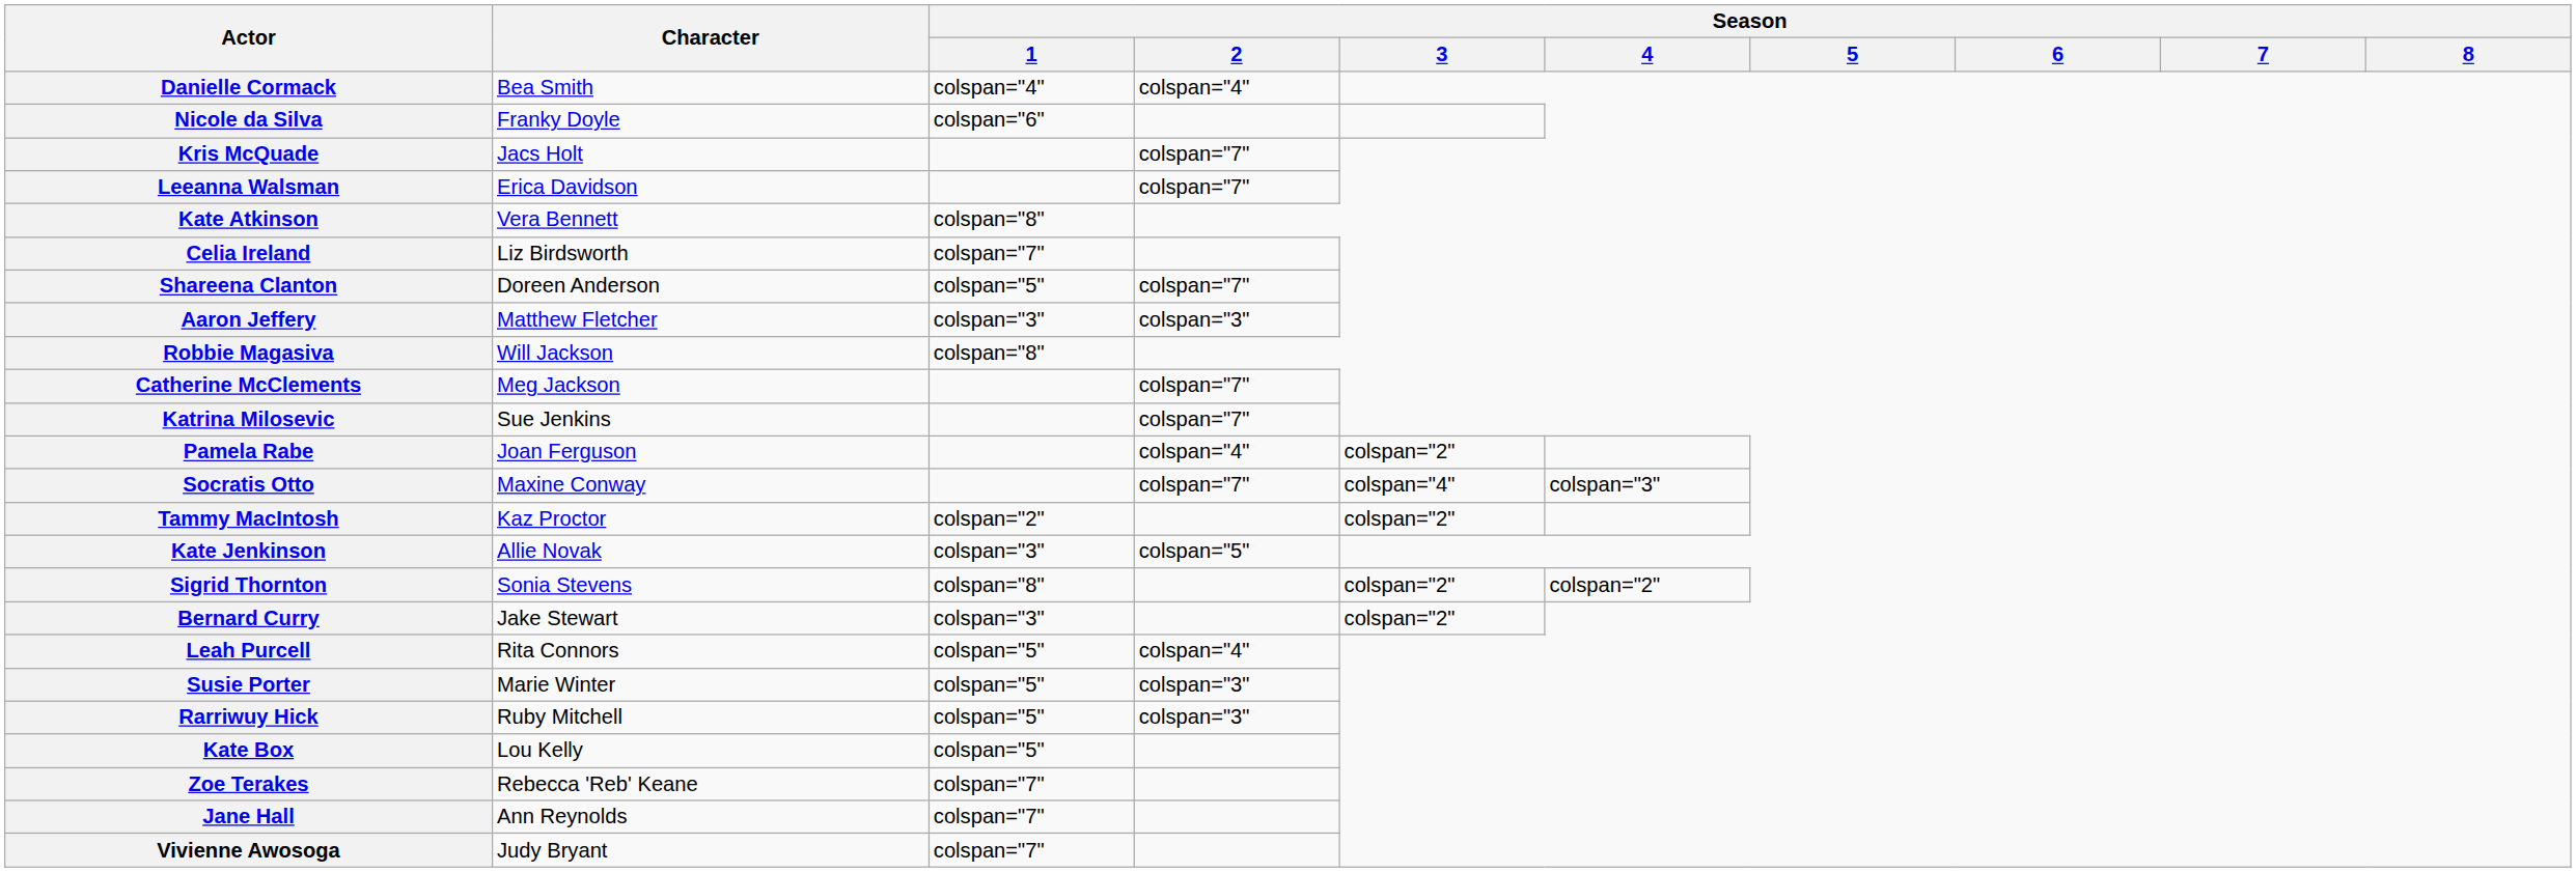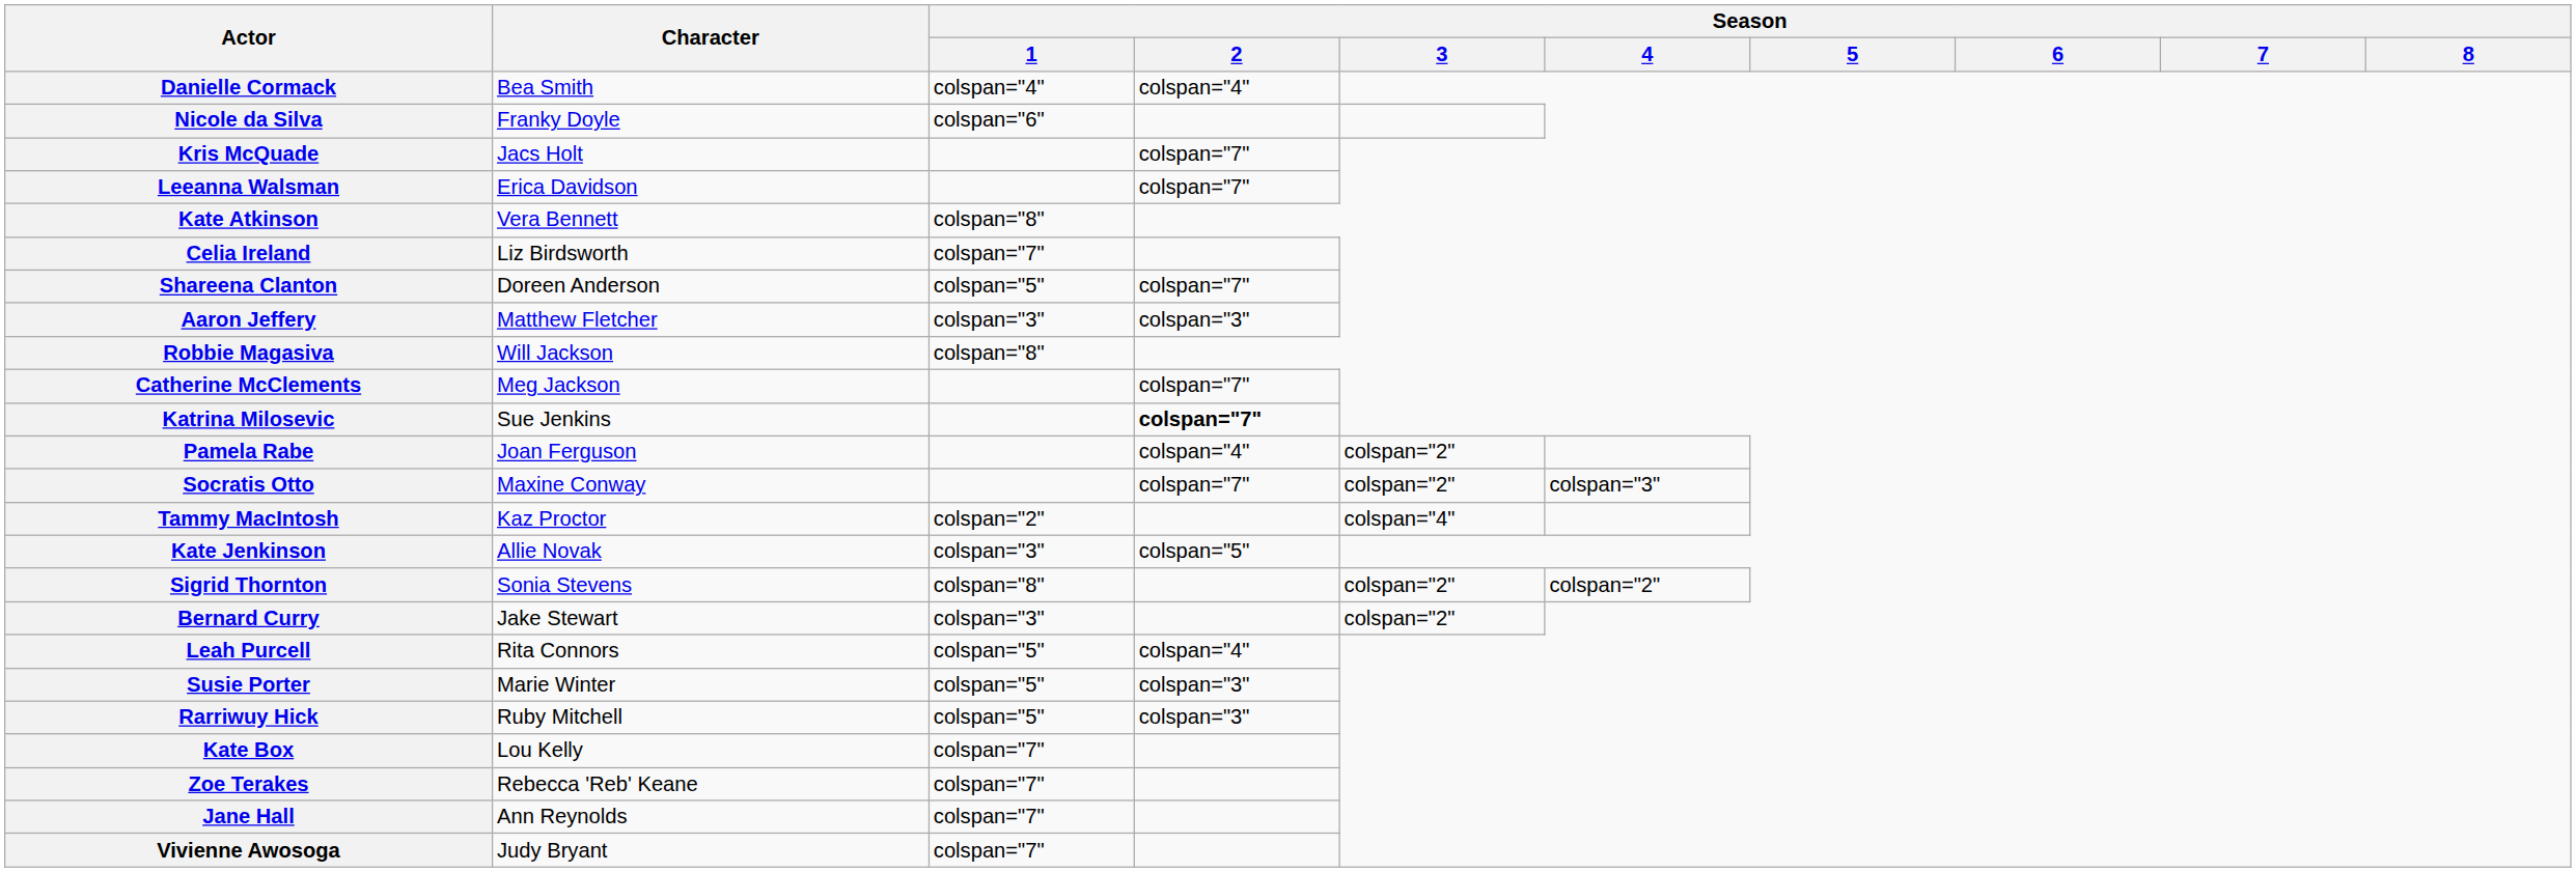 <table class="wikitable plainrowheaders" style="width:99%">
 <tr>
 <th rowspan="2">Actor</th>
 <th rowspan="2">Character</th>
 <th colspan="8">Season</th>
 </tr>
 <tr>
 <th width="8%" scope="col"><a href='#'>1</a></th>
 <th width="8%" scope="col"><a href='#'>2</a></th>
 <th width="8%" scope="col"><a href='#'>3</a></th>
 <th width="8%" scope="col"><a href='#'>4</a></th>
 <th width="8%" scope="col"><a href='#'>5</a></th>
 <th width="8%" scope="col"><a href='#'>6</a></th>
 <th width="8%" scope="col"><a href='#'>7</a></th>
 <th width="8%" scope="col"><a href='#'>8</a></th>
 </tr>
 <tr>
 <th scope="row"><a href='#'>Danielle Cormack</a></th>
 <td><a href='#'>Bea Smith</a></td>
 <td>colspan="4" </td>
 <td>colspan="4" </td>
 </tr>
 <tr>
 <th scope="row"><a href='#'>Nicole da Silva</a></th>
 <td><a href='#'>Franky Doyle</a></td>
 <td>colspan="6" </td>
 <td></td>
 <td></td>
 </tr>
 <tr>
 <th scope="row"><a href='#'>Kris McQuade</a></th>
 <td><a href='#'>Jacs Holt</a></td>
 <td></td>
 <td>colspan="7" </td>
 </tr>
 <tr>
 <th scope="row"><a href='#'>Leeanna Walsman</a></th>
 <td><a href='#'>Erica Davidson</a></td>
 <td></td>
 <td>colspan="7" </td>
 </tr>
 <tr>
 <th scope="row"><a href='#'>Kate Atkinson</a></th>
 <td><a href='#'>Vera Bennett</a></td>
 <td>colspan="8" </td>
 </tr>
 <tr>
 <th scope="row"><a href='#'>Celia Ireland</a></th>
 <td>Liz Birdsworth</td>
 <td>colspan="7" </td>
 <td></td>
 </tr>
 <tr>
 <th scope="row"><a href='#'>Shareena Clanton</a></th>
 <td>Doreen Anderson</td>
 <td>colspan="5" </td>
 <td>colspan="7" </td>
 </tr>
 <tr>
 <th scope="row"><a href='#'>Aaron Jeffery</a></th>
 <td><a href='#'>Matthew Fletcher</a></td>
 <td>colspan="3" </td>
 <td>colspan="3" </td>
 </tr>
 <tr>
 <th scope="row"><a href='#'>Robbie Magasiva</a></th>
 <td><a href='#'>Will Jackson</a></td>
 <td>colspan="8" </td>
 </tr>
 <tr>
 <th scope="row"><a href='#'>Catherine McClements</a></th>
 <td><a href='#'>Meg Jackson</a></td>
 <td></td>
 <td>colspan="7" </td>
 </tr>
 <tr>
 <th scope="row"><a href='#'>Katrina Milosevic</a></th>
 <td>Sue Jenkins</td>
 <td></td>
-<td>colspan="7" </td>
+<td><strong>colspan="7" </strong></td>
 </tr>
 <tr>
 <th scope="row"><a href='#'>Pamela Rabe</a></th>
 <td><a href='#'>Joan Ferguson</a></td>
 <td></td>
 <td>colspan="4" </td>
 <td>colspan="2" </td>
 <td></td>
 </tr>
 <tr>
 <th scope="row"><a href='#'>Socratis Otto</a></th>
 <td><a href='#'>Maxine Conway</a></td>
 <td></td>
 <td>colspan="7" </td>
-<td>colspan="4" </td>
+<td>colspan="2" </td>
 <td>colspan="3" </td>
 </tr>
 <tr>
 <th scope="row"><a href='#'>Tammy MacIntosh</a></th>
 <td><a href='#'>Kaz Proctor</a></td>
 <td>colspan="2" </td>
 <td></td>
-<td>colspan="2" </td>
+<td>colspan="4" </td>
 <td></td>
 </tr>
 <tr>
 <th scope="row"><a href='#'>Kate Jenkinson</a></th>
 <td><a href='#'>Allie Novak</a></td>
 <td>colspan="3" </td>
 <td>colspan="5" </td>
 </tr>
 <tr>
 <th scope="row"><a href='#'>Sigrid Thornton</a></th>
 <td><a href='#'>Sonia Stevens</a></td>
 <td>colspan="8" </td>
 <td></td>
 <td>colspan="2" </td>
 <td>colspan="2" </td>
 </tr>
 <tr>
 <th scope="row"><a href='#'>Bernard Curry</a></th>
 <td>Jake Stewart</td>
 <td>colspan="3" </td>
 <td></td>
 <td>colspan="2" </td>
 </tr>
 <tr>
 <th scope="row"><a href='#'>Leah Purcell</a></th>
 <td>Rita Connors</td>
 <td>colspan="5" </td>
 <td>colspan="4" </td>
 </tr>
 <tr>
 <th scope="row"><a href='#'>Susie Porter</a></th>
 <td>Marie Winter</td>
 <td>colspan="5" </td>
 <td>colspan="3" </td>
 </tr>
 <tr>
 <th scope="row"><a href='#'>Rarriwuy Hick</a></th>
 <td>Ruby Mitchell</td>
 <td>colspan="5" </td>
 <td>colspan="3" </td>
 </tr>
 <tr>
 <th scope="row"><a href='#'>Kate Box</a></th>
 <td>Lou Kelly</td>
-<td>colspan="5" </td>
+<td>colspan="7" </td>
 <td></td>
 </tr>
 <tr>
 <th scope="row"><a href='#'>Zoe Terakes</a></th>
 <td>Rebecca 'Reb' Keane</td>
 <td>colspan="7" </td>
 <td></td>
 </tr>
 <tr>
 <th scope="row"><a href='#'>Jane Hall</a></th>
 <td>Ann Reynolds</td>
 <td>colspan="7" </td>
 <td></td>
 </tr>
 <tr>
 <th scope="row">Vivienne Awosoga</th>
 <td>Judy Bryant</td>
 <td>colspan="7" </td>
 <td></td>
 </tr>
 </table>
